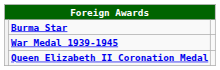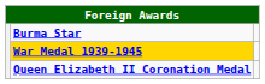 <table class="wikitable">
 <tr>
 <th colspan="3" style="background:#006400; color:#FFFFFF; text-align:center"><strong>Foreign Awards</strong></th>
 </tr>
 <tr>
 <th rowspan="3"><strong></strong></th>
 <td><strong><a href='#'>Burma Star</a></strong></td>
 <td></td>
 </tr>
 <tr>
-<td><strong><a href='#'>War Medal 1939-1945</a></strong></td>
+<td style="background: gold;"><strong><a href='#'>War Medal 1939-1945</a></strong></td>
 <td></td>
 </tr>
 <tr>
 <td><strong><a href='#'>Queen Elizabeth II Coronation Medal</a></strong></td>
 <td></td>
 </tr>
 </table>
